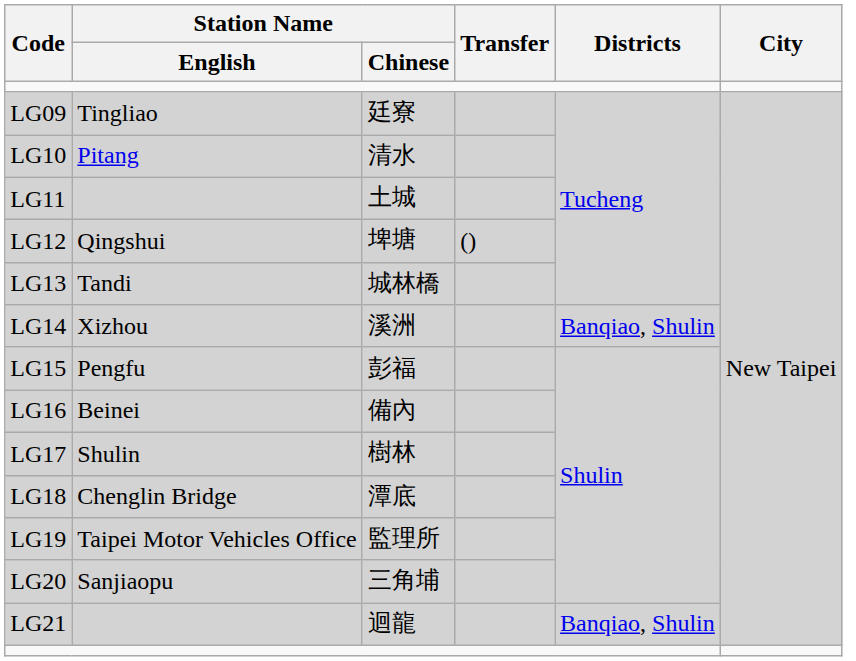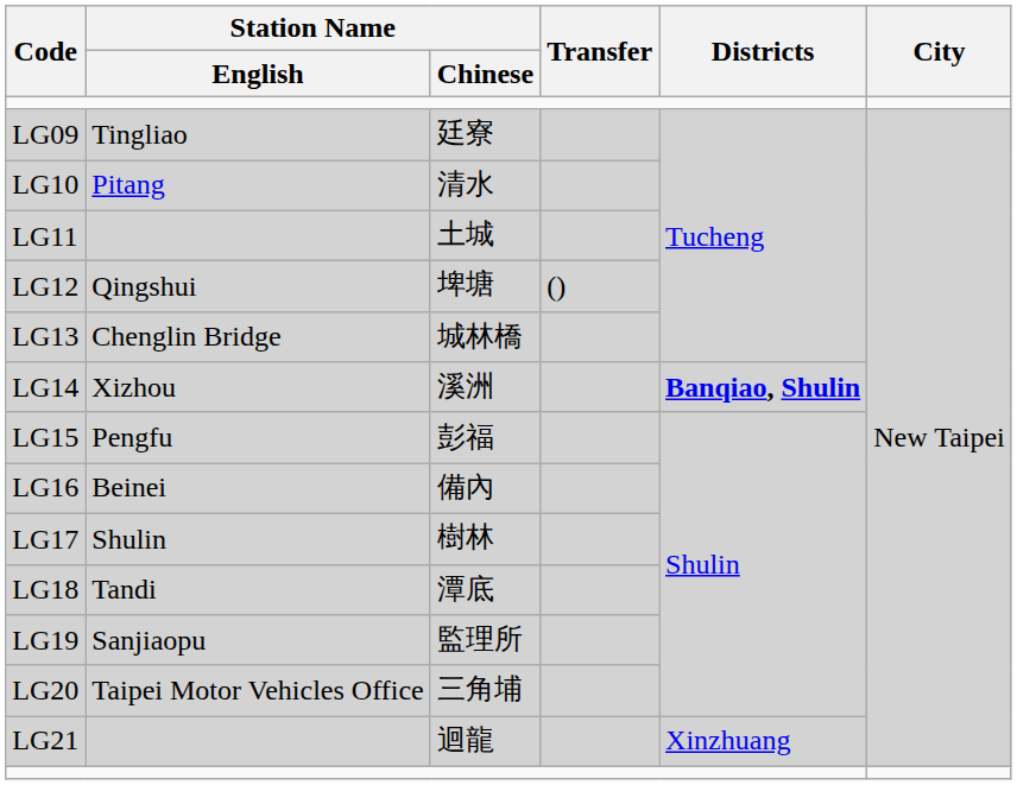 <table class="wikitable">
 <tr>
 <th rowspan="2">Code</th>
 <th colspan="2">Station Name</th>
 <th rowspan="2">Transfer</th>
 <th rowspan="2">Districts</th>
 <th rowspan="2">City</th>
 </tr>
 <tr>
 <th>English</th>
 <th>Chinese</th>
 </tr>
 <tr>
 <td colspan = "5"></td>
 </tr>
 <tr bgcolor = "lightgrey">
 <td>LG09</td>
 <td>Tingliao</td>
 <td>廷寮</td>
 <td></td>
 <td rowspan="5"><a href='#'>Tucheng</a></td>
 <td rowspan="13">New Taipei</td>
 </tr>
 <tr bgcolor = "lightgrey">
 <td>LG10</td>
 <td><a href='#'>Pitang</a></td>
 <td>清水</td>
 <td></td>
 </tr>
 <tr bgcolor = "lightgrey">
 <td>LG11</td>
 <td></td>
 <td>土城</td>
 <td></td>
 </tr>
 <tr bgcolor = "lightgrey">
 <td>LG12</td>
 <td>Qingshui</td>
 <td>埤塘</td>
 <td> ()</td>
 </tr>
 <tr bgcolor = "lightgrey">
 <td>LG13</td>
-<td>Tandi</td>
+<td>Chenglin Bridge</td>
 <td>城林橋</td>
 <td></td>
 </tr>
 <tr bgcolor = "lightgrey">
 <td>LG14</td>
 <td>Xizhou</td>
 <td>溪洲</td>
 <td></td>
-<td rowspan="1"><a href='#'>Banqiao</a>, <a href='#'>Shulin</a></td>
+<td rowspan="1"><strong><a href='#'>Banqiao</a>, <a href='#'>Shulin</a></strong></td>
 </tr>
 <tr bgcolor = "lightgrey">
 <td>LG15</td>
 <td>Pengfu</td>
 <td>彭福</td>
 <td></td>
 <td rowspan="6"><a href='#'>Shulin</a></td>
 </tr>
 <tr bgcolor = "lightgrey">
 <td>LG16</td>
 <td>Beinei</td>
 <td>備內</td>
 <td></td>
 </tr>
 <tr bgcolor = "lightgrey">
 <td>LG17</td>
 <td>Shulin</td>
 <td>樹林</td>
 <td></td>
 </tr>
 <tr bgcolor = "lightgrey">
 <td>LG18</td>
-<td>Chenglin Bridge</td>
+<td>Tandi</td>
 <td>潭底</td>
 <td></td>
 </tr>
 <tr bgcolor = "lightgrey">
 <td>LG19</td>
-<td>Taipei Motor Vehicles Office</td>
+<td>Sanjiaopu</td>
 <td>監理所</td>
 <td></td>
 </tr>
 <tr bgcolor = "lightgrey">
 <td>LG20</td>
-<td>Sanjiaopu</td>
+<td>Taipei Motor Vehicles Office</td>
 <td>三角埔</td>
 <td></td>
 </tr>
 <tr bgcolor = "lightgrey">
 <td>LG21</td>
 <td></td>
 <td>迴龍</td>
 <td></td>
-<td rowspan="1"><a href='#'>Banqiao</a>, <a href='#'>Shulin</a></td>
+<td rowspan="1"><a href='#'>Xinzhuang</a></td>
 </tr>
 <tr>
 <td colspan = "5"></td>
 </tr>
 </table>
